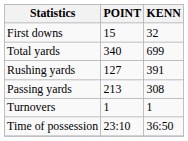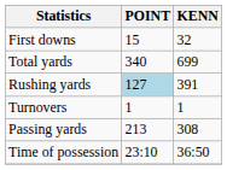 <table class="wikitable">
 <tr>
 <th>Statistics</th>
 <th>POINT</th>
 <th>KENN</th>
 </tr>
 <tr>
 <td>First downs</td>
 <td>15</td>
 <td>32</td>
 </tr>
 <tr>
 <td>Total yards</td>
 <td>340</td>
 <td>699</td>
 </tr>
 <tr>
 <td>Rushing yards</td>
-<td>127</td>
+<td style="background: lightblue;">127</td>
 <td>391</td>
+</tr>
+<tr>
+<td>Turnovers</td>
+<td>1</td>
+<td>1</td>
 </tr>
 <tr>
 <td>Passing yards</td>
 <td>213</td>
 <td>308</td>
-</tr>
-<tr>
-<td>Turnovers</td>
-<td>1</td>
-<td>1</td>
 </tr>
 <tr>
 <td>Time of possession</td>
 <td>23:10</td>
 <td>36:50</td>
 </tr>
 <tr>
 </tr>
 </table>
